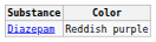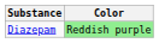 <table class="wikitable sortable">
 <tr>
 <th>Substance</th>
 <th>Color</th>
 </tr>
 <tr>
 <td><a href='#'>Diazepam</a></td>
-<td>Reddish purple</td>
+<td style="background: lightgreen;">Reddish purple</td>
 </tr>
 </table>
